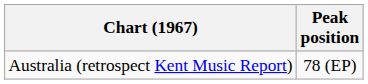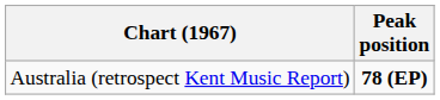 <table class="wikitable sortable" border="1">
 <tr>
 <th>Chart (1967)</th>
 <th>Peak<br>position</th>
 </tr>
 <tr>
 <td>Australia (retrospect <a href='#'>Kent Music Report</a>)</td>
-<td style="text-align:center;">78 (EP)</td>
+<td style="text-align:center;"><strong>78 (EP)</strong></td>
 </tr>
 </table>
